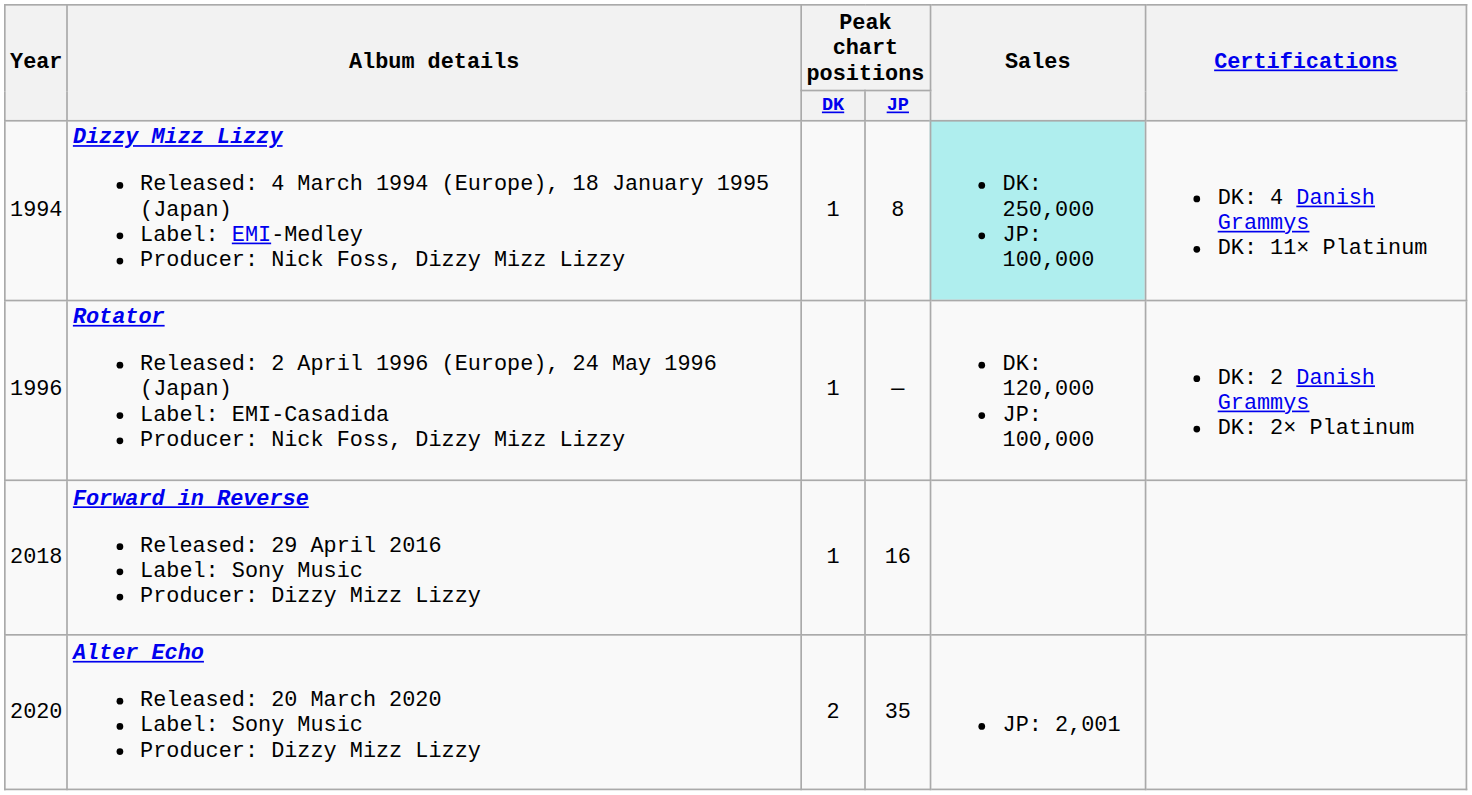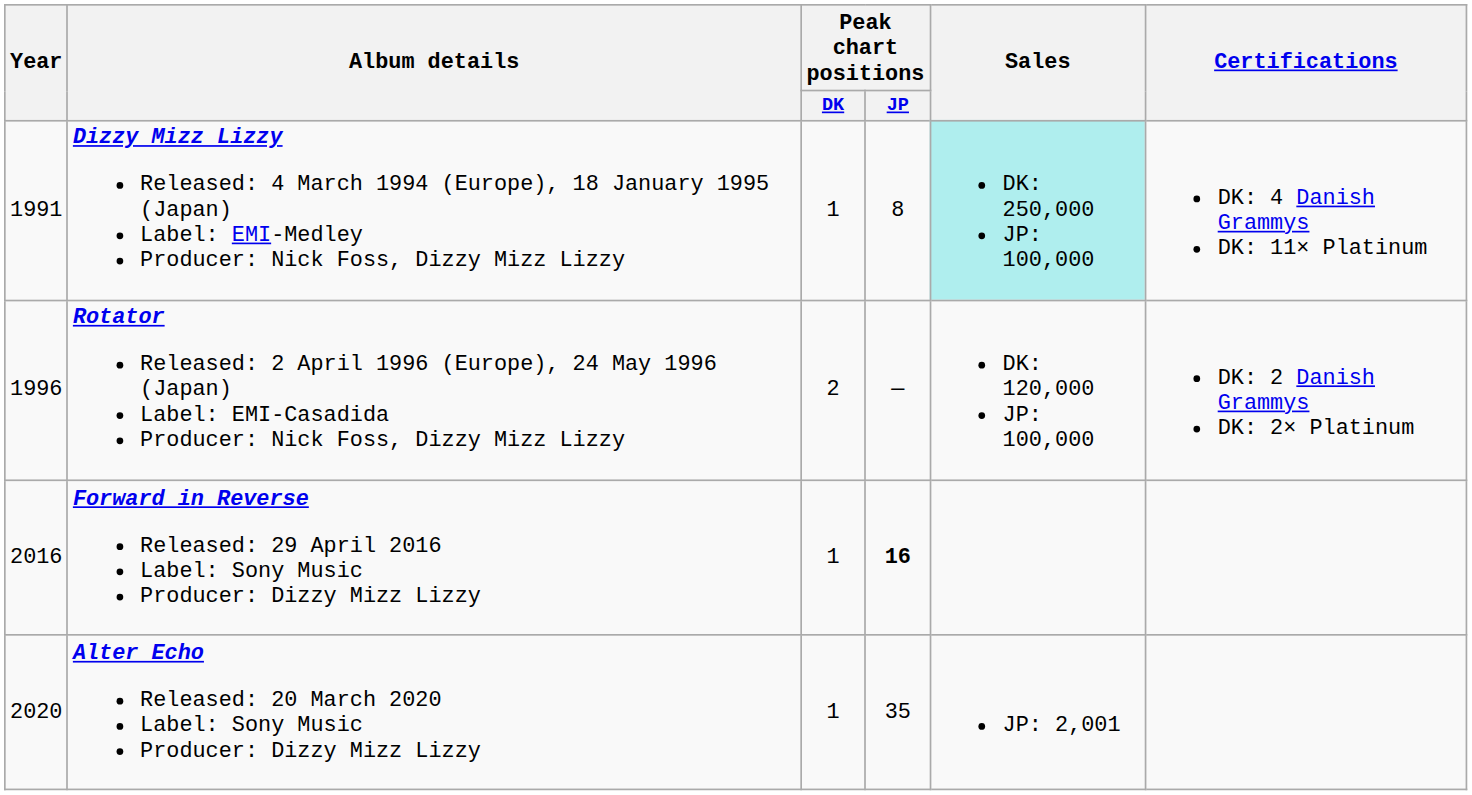 <table class="wikitable">
 <tr>
 <th rowspan="2">Year</th>
 <th rowspan="2">Album details</th>
 <th colspan="2">Peak chart positions</th>
 <th rowspan="2">Sales</th>
 <th rowspan="2"><a href='#'>Certifications</a></th>
 </tr>
 <tr>
 <th style="width:3em;font-size:85%"><a href='#'>DK</a><br></th>
 <th style="width:3em;font-size:85%"><a href='#'>JP</a><br></th>
 </tr>
 <tr>
-<td>1994</td>
+<td>1991</td>
 <td><strong><em><a href='#'>Dizzy Mizz Lizzy</a></em></strong><br><ul><li>Released: 4 March 1994 (Europe), 18 January 1995 (Japan)</li><li>Label: <a href='#'>EMI</a>-Medley</li><li>Producer: Nick Foss, Dizzy Mizz Lizzy</li></ul></td>
 <td align="center">1</td>
 <td align="center">8</td>
 <td align="left" style="background: paleturquoise;"><br><ul><li>DK: 250,000</li><li>JP: 100,000</li></ul></td>
 <td align="left"><br><ul><li>DK: 4 <a href='#'>Danish Grammys</a></li><li>DK: 11× Platinum</li></ul></td>
 </tr>
 <tr>
 <td>1996</td>
 <td><strong><em><a href='#'>Rotator</a></em></strong><br><ul><li>Released: 2 April 1996 (Europe), 24 May 1996 (Japan)</li><li>Label: EMI-Casadida</li><li>Producer: Nick Foss, Dizzy Mizz Lizzy</li></ul></td>
-<td align="center">1</td>
+<td align="center">2</td>
 <td align="center">—</td>
 <td align="left"><br><ul><li>DK: 120,000</li><li>JP: 100,000</li></ul></td>
 <td align="left"><br><ul><li>DK: 2 <a href='#'>Danish Grammys</a></li><li>DK: 2× Platinum</li></ul></td>
 </tr>
 <tr>
-<td>2018</td>
+<td>2016</td>
 <td><strong><em><a href='#'>Forward in Reverse</a></em></strong><br><ul><li>Released: 29 April 2016</li><li>Label: Sony Music</li><li>Producer: Dizzy Mizz Lizzy</li></ul></td>
 <td align="center">1<br></td>
-<td align="center">16</td>
+<td align="center"><strong>16</strong></td>
 <td></td>
 <td></td>
 </tr>
 <tr>
 <td>2020</td>
 <td><strong><em><a href='#'>Alter Echo</a></em></strong><br><ul><li>Released: 20 March 2020</li><li>Label: Sony Music</li><li>Producer: Dizzy Mizz Lizzy</li></ul></td>
-<td align="center">2<br></td>
+<td align="center">1<br></td>
 <td align="center">35</td>
 <td><br><ul><li>JP: 2,001</li></ul></td>
 <td></td>
 </tr>
 </table>
